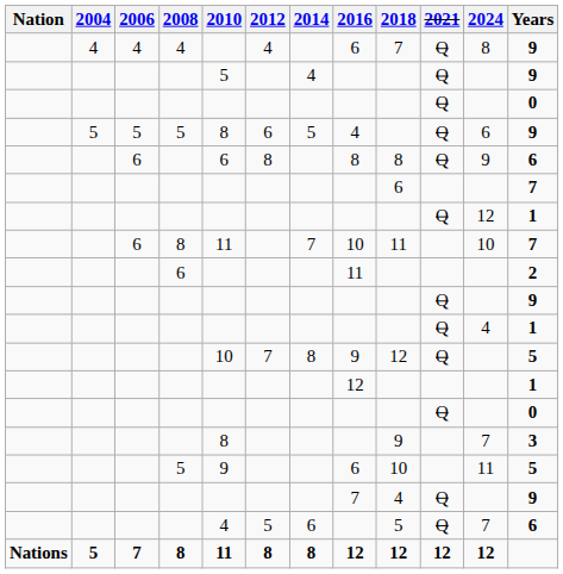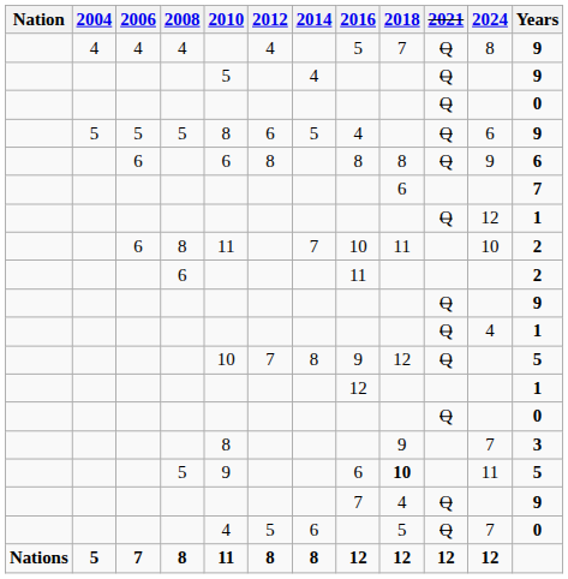 <table class="wikitable" style="text-align:center">
 <tr>
 <th>Nation</th>
 <th><a href='#'>2004</a></th>
 <th><a href='#'>2006</a></th>
 <th><a href='#'>2008</a></th>
 <th><a href='#'>2010</a></th>
 <th><a href='#'>2012</a></th>
 <th><a href='#'>2014</a></th>
 <th><a href='#'>2016</a></th>
 <th><a href='#'>2018</a></th>
 <th><s><a href='#'>2021</a></s></th>
 <th><a href='#'>2024</a></th>
 <th>Years</th>
 </tr>
 <tr>
 <td align=left></td>
 <td>4</td>
 <td>4</td>
 <td>4</td>
 <td></td>
 <td>4</td>
 <td></td>
-<td>6</td>
+<td>5</td>
 <td>7</td>
 <td><s>Q</s></td>
 <td>8</td>
 <td><strong>9</strong></td>
 </tr>
 <tr>
 <td align=left></td>
 <td></td>
 <td></td>
 <td></td>
 <td>5</td>
 <td></td>
 <td>4</td>
 <td></td>
 <td></td>
 <td><s>Q</s></td>
 <td></td>
 <td><strong>9</strong></td>
 </tr>
 <tr>
 <td align=left></td>
 <td></td>
 <td></td>
 <td></td>
 <td></td>
 <td></td>
 <td></td>
 <td></td>
 <td></td>
 <td><s>Q</s></td>
 <td></td>
 <td><strong>0</strong></td>
 </tr>
 <tr>
 <td align=left></td>
 <td>5</td>
 <td>5</td>
 <td>5</td>
 <td>8</td>
 <td>6</td>
 <td>5</td>
 <td>4</td>
 <td></td>
 <td><s>Q</s></td>
 <td>6</td>
 <td><strong>9</strong></td>
 </tr>
 <tr>
 <td align=left></td>
 <td></td>
 <td>6</td>
 <td></td>
 <td>6</td>
 <td>8</td>
 <td></td>
 <td>8</td>
 <td>8</td>
 <td><s>Q</s></td>
 <td>9</td>
 <td><strong>6</strong></td>
 </tr>
 <tr>
 <td align=left></td>
 <td></td>
 <td></td>
 <td></td>
 <td></td>
 <td></td>
 <td></td>
 <td></td>
 <td>6</td>
 <td></td>
 <td></td>
 <td><strong>7</strong></td>
 </tr>
 <tr>
 <td align=left></td>
 <td></td>
 <td></td>
 <td></td>
 <td></td>
 <td></td>
 <td></td>
 <td></td>
 <td></td>
 <td><s>Q</s></td>
 <td>12</td>
 <td><strong>1</strong></td>
 </tr>
 <tr>
 <td align=left></td>
 <td></td>
 <td>6</td>
 <td>8</td>
 <td>11</td>
 <td></td>
 <td>7</td>
 <td>10</td>
 <td>11</td>
 <td></td>
 <td>10</td>
-<td><strong>7</strong></td>
+<td><strong>2</strong></td>
 </tr>
 <tr>
 <td align=left></td>
 <td></td>
 <td></td>
 <td>6</td>
 <td></td>
 <td></td>
 <td></td>
 <td>11</td>
 <td></td>
 <td></td>
 <td></td>
 <td><strong>2</strong></td>
 </tr>
 <tr>
 <td align=left></td>
 <td></td>
 <td></td>
 <td></td>
 <td></td>
 <td></td>
 <td></td>
 <td></td>
 <td></td>
 <td><s>Q</s></td>
 <td></td>
 <td><strong>9</strong></td>
 </tr>
 <tr>
 <td align=left></td>
 <td></td>
 <td></td>
 <td></td>
 <td></td>
 <td></td>
 <td></td>
 <td></td>
 <td></td>
 <td><s>Q</s></td>
 <td>4</td>
 <td><strong>1</strong></td>
 </tr>
 <tr>
 <td align=left></td>
 <td></td>
 <td></td>
 <td></td>
 <td>10</td>
 <td>7</td>
 <td>8</td>
 <td>9</td>
 <td>12</td>
 <td><s>Q</s></td>
 <td></td>
 <td><strong>5</strong></td>
 </tr>
 <tr>
 <td align=left></td>
 <td></td>
 <td></td>
 <td></td>
 <td></td>
 <td></td>
 <td></td>
 <td>12</td>
 <td></td>
 <td></td>
 <td></td>
 <td><strong>1</strong></td>
 </tr>
 <tr>
 <td align=left></td>
 <td></td>
 <td></td>
 <td></td>
 <td></td>
 <td></td>
 <td></td>
 <td></td>
 <td></td>
 <td><s>Q</s></td>
 <td></td>
 <td><strong>0</strong></td>
 </tr>
 <tr>
 <td align=left></td>
 <td></td>
 <td></td>
 <td></td>
 <td>8</td>
 <td></td>
 <td></td>
 <td></td>
 <td>9</td>
 <td></td>
 <td>7</td>
 <td><strong>3</strong></td>
 </tr>
 <tr>
 <td align=left></td>
 <td></td>
 <td></td>
 <td>5</td>
 <td>9</td>
 <td></td>
 <td></td>
 <td>6</td>
-<td>10</td>
+<td><strong>10</strong></td>
 <td></td>
 <td>11</td>
 <td><strong>5</strong></td>
 </tr>
 <tr>
 <td align=left></td>
 <td></td>
 <td></td>
 <td></td>
 <td></td>
 <td></td>
 <td></td>
 <td>7</td>
 <td>4</td>
 <td><s>Q</s></td>
 <td></td>
 <td><strong>9</strong></td>
 </tr>
 <tr>
 <td align=left></td>
 <td></td>
 <td></td>
 <td></td>
 <td>4</td>
 <td>5</td>
 <td>6</td>
 <td></td>
 <td>5</td>
 <td><s>Q</s></td>
 <td>7</td>
-<td><strong>6</strong></td>
+<td><strong>0</strong></td>
 </tr>
 <tr>
 <td><strong>Nations</strong></td>
 <td><strong>5</strong></td>
 <td><strong>7</strong></td>
 <td><strong>8</strong></td>
 <td><strong>11</strong></td>
 <td><strong>8</strong></td>
 <td><strong>8</strong></td>
 <td><strong>12</strong></td>
 <td><strong>12</strong></td>
 <td><strong>12</strong></td>
 <td><strong>12</strong></td>
 <td></td>
 </tr>
 </table>
